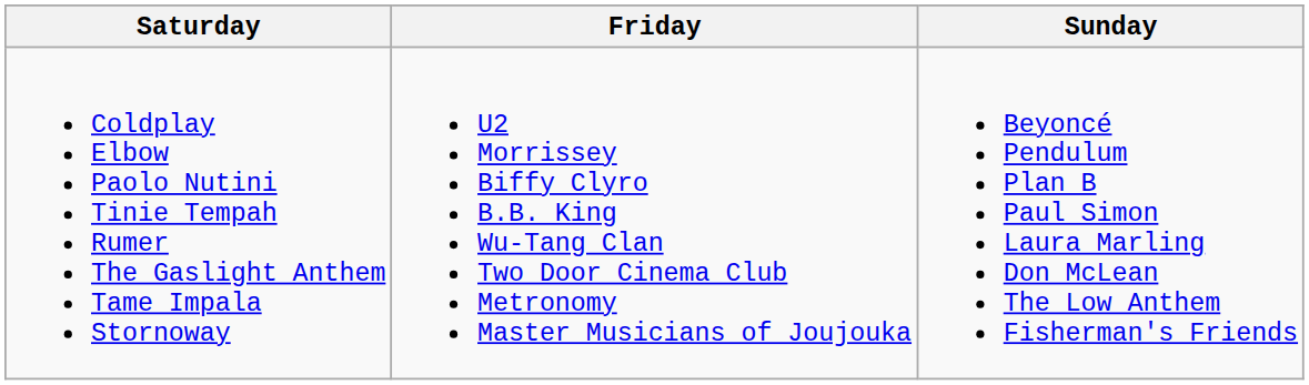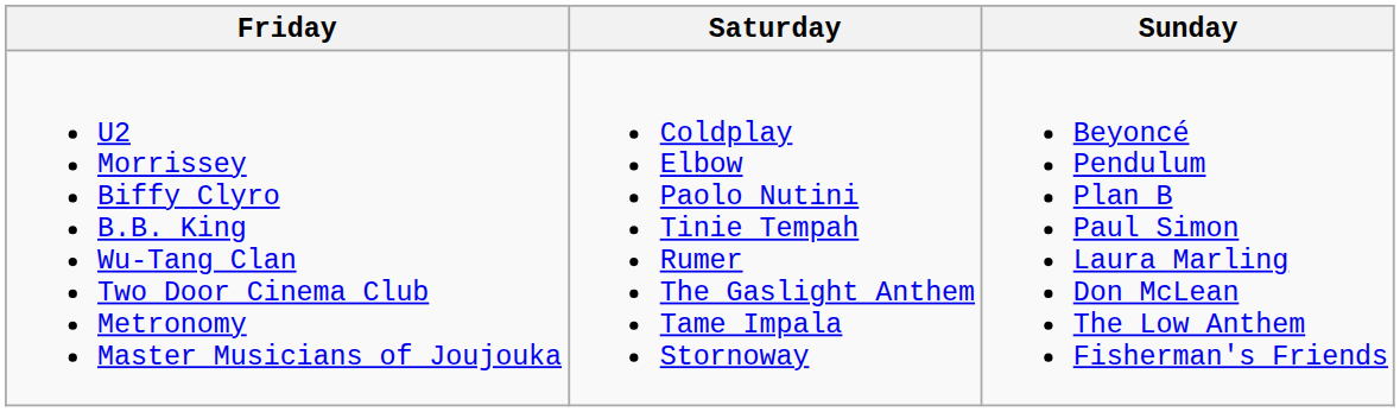 <table class="wikitable">
 <tr>
+<th>Friday</th>
 <th>Saturday</th>
-<th>Friday</th>
 <th>Sunday</th>
 </tr>
 <tr valign="top">
+<td><br><ul><li><a href='#'>U2</a></li><li><a href='#'>Morrissey</a></li><li><a href='#'>Biffy Clyro</a></li><li><a href='#'>B.B. King</a></li><li><a href='#'>Wu-Tang Clan</a></li><li><a href='#'>Two Door Cinema Club</a></li><li><a href='#'>Metronomy</a></li><li><a href='#'>Master Musicians of Joujouka</a></li></ul></td>
 <td><br><ul><li><a href='#'>Coldplay</a></li><li><a href='#'>Elbow</a></li><li><a href='#'>Paolo Nutini</a></li><li><a href='#'>Tinie Tempah</a></li><li><a href='#'>Rumer</a></li><li><a href='#'>The Gaslight Anthem</a></li><li><a href='#'>Tame Impala</a></li><li><a href='#'>Stornoway</a></li></ul></td>
-<td><br><ul><li><a href='#'>U2</a></li><li><a href='#'>Morrissey</a></li><li><a href='#'>Biffy Clyro</a></li><li><a href='#'>B.B. King</a></li><li><a href='#'>Wu-Tang Clan</a></li><li><a href='#'>Two Door Cinema Club</a></li><li><a href='#'>Metronomy</a></li><li><a href='#'>Master Musicians of Joujouka</a></li></ul></td>
 <td><br><ul><li><a href='#'>Beyoncé</a></li><li><a href='#'>Pendulum</a></li><li><a href='#'>Plan B</a></li><li><a href='#'>Paul Simon</a></li><li><a href='#'>Laura Marling</a></li><li><a href='#'>Don McLean</a></li><li><a href='#'>The Low Anthem</a></li><li><a href='#'>Fisherman's Friends</a></li></ul></td>
 </tr>
 </table>
